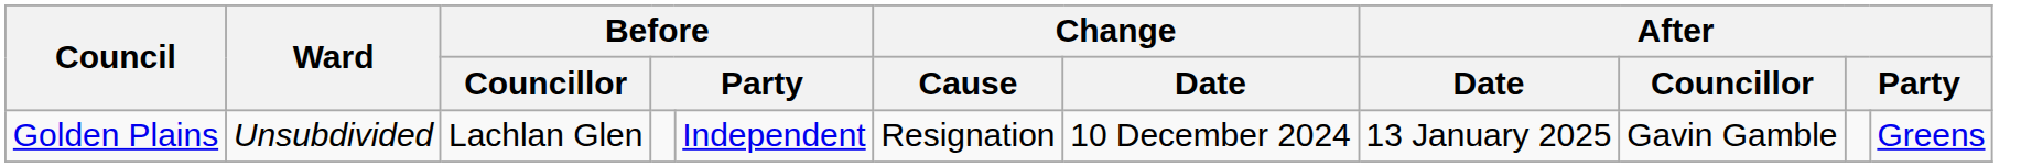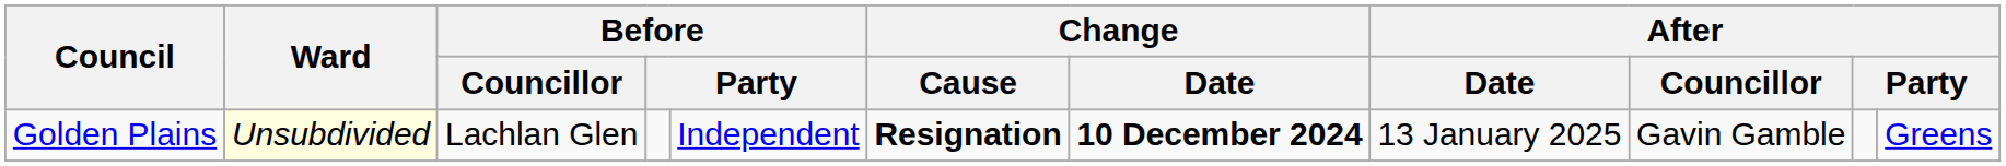 <table class="wikitable sortable" style="border: none;">
 <tr>
 <th rowspan="2">Council</th>
 <th rowspan="2">Ward</th>
 <th colspan="3">Before</th>
 <th colspan="2">Change</th>
 <th colspan="4">After</th>
 </tr>
 <tr>
 <th>Councillor</th>
 <th colspan="2">Party</th>
 <th>Cause</th>
 <th>Date</th>
 <th>Date</th>
 <th>Councillor</th>
 <th colspan="2">Party</th>
 </tr>
 <tr>
 <td><a href='#'>Golden Plains</a></td>
-<td><em>Unsubdivided</em></td>
+<td style="background: lightyellow;"><em>Unsubdivided</em></td>
 <td>Lachlan Glen</td>
 <td> </td>
 <td><a href='#'>Independent</a></td>
-<td>Resignation</td>
-<td>10 December 2024</td>
+<td><strong>Resignation</strong></td>
+<td><strong>10 December 2024</strong></td>
 <td>13 January 2025</td>
 <td>Gavin Gamble</td>
 <td> </td>
 <td><a href='#'>Greens</a></td>
 </tr>
 <tr>
 </tr>
 </table>
